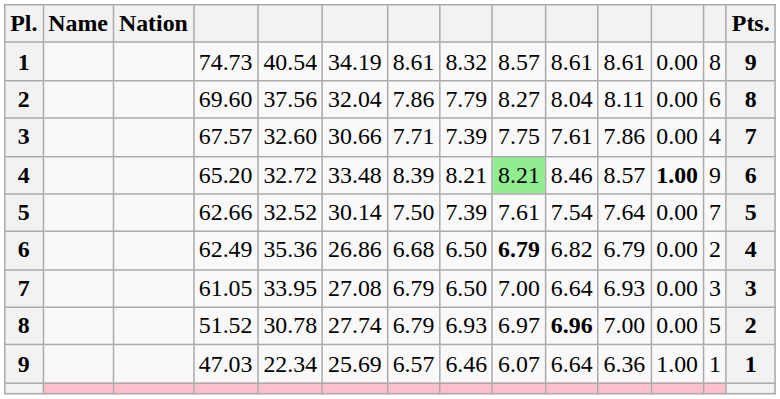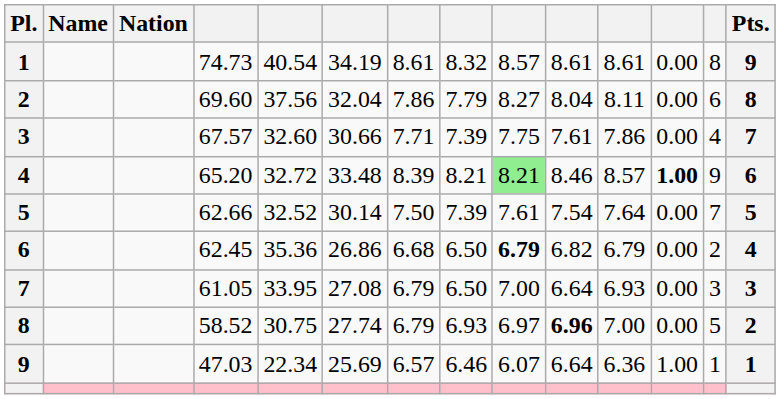 <table class="wikitable sortable" style="text-align:center">
 <tr>
 <th>Pl.</th>
 <th>Name</th>
 <th>Nation</th>
 <th></th>
 <th></th>
 <th></th>
 <th></th>
 <th></th>
 <th></th>
 <th></th>
 <th></th>
 <th></th>
 <th></th>
 <th>Pts.</th>
 </tr>
 <tr>
 <th>1</th>
 <td align="left"></td>
 <td align="left"></td>
 <td>74.73</td>
 <td>40.54</td>
 <td>34.19</td>
 <td>8.61</td>
 <td>8.32</td>
 <td>8.57</td>
 <td>8.61</td>
 <td>8.61</td>
 <td>0.00</td>
 <td>8</td>
 <th>9</th>
 </tr>
 <tr>
 <th>2</th>
 <td align="left"></td>
 <td align="left"></td>
 <td>69.60</td>
 <td>37.56</td>
 <td>32.04</td>
 <td>7.86</td>
 <td>7.79</td>
 <td>8.27</td>
 <td>8.04</td>
 <td>8.11</td>
 <td>0.00</td>
 <td>6</td>
 <th>8</th>
 </tr>
 <tr>
 <th>3</th>
 <td align="left"></td>
 <td align="left"></td>
 <td>67.57</td>
 <td>32.60</td>
 <td>30.66</td>
 <td>7.71</td>
 <td>7.39</td>
 <td>7.75</td>
 <td>7.61</td>
 <td>7.86</td>
 <td>0.00</td>
 <td>4</td>
 <th>7</th>
 </tr>
 <tr>
 <th>4</th>
 <td align="left"></td>
 <td align="left"></td>
 <td>65.20</td>
 <td>32.72</td>
 <td>33.48</td>
 <td>8.39</td>
 <td>8.21</td>
 <td style="background: lightgreen;">8.21</td>
 <td>8.46</td>
 <td>8.57</td>
 <td><strong>1.00</strong></td>
 <td>9</td>
 <th>6</th>
 </tr>
 <tr>
 <th>5</th>
 <td align="left"></td>
 <td align="left"></td>
 <td>62.66</td>
 <td>32.52</td>
 <td>30.14</td>
 <td>7.50</td>
 <td>7.39</td>
 <td>7.61</td>
 <td>7.54</td>
 <td>7.64</td>
 <td>0.00</td>
 <td>7</td>
 <th>5</th>
 </tr>
 <tr>
 <th>6</th>
 <td align="left"></td>
 <td align="left"></td>
-<td>62.49</td>
+<td>62.45</td>
 <td>35.36</td>
 <td>26.86</td>
 <td>6.68</td>
 <td>6.50</td>
 <td><strong>6.79</strong></td>
 <td>6.82</td>
 <td>6.79</td>
 <td>0.00</td>
 <td>2</td>
 <th>4</th>
 </tr>
 <tr>
 <th>7</th>
 <td align="left"></td>
 <td align="left"></td>
 <td>61.05</td>
 <td>33.95</td>
 <td>27.08</td>
 <td>6.79</td>
 <td>6.50</td>
 <td>7.00</td>
 <td>6.64</td>
 <td>6.93</td>
 <td>0.00</td>
 <td>3</td>
 <th>3</th>
 </tr>
 <tr>
 <th>8</th>
 <td align="left"></td>
 <td align="left"></td>
-<td>51.52</td>
-<td>30.78</td>
+<td>58.52</td>
+<td>30.75</td>
 <td>27.74</td>
 <td>6.79</td>
 <td>6.93</td>
 <td>6.97</td>
 <td><strong>6.96</strong></td>
 <td>7.00</td>
 <td>0.00</td>
 <td>5</td>
 <th>2</th>
 </tr>
 <tr>
 <th>9</th>
 <td align="left"></td>
 <td align="left"></td>
 <td>47.03</td>
 <td>22.34</td>
 <td>25.69</td>
 <td>6.57</td>
 <td>6.46</td>
 <td>6.07</td>
 <td>6.64</td>
 <td>6.36</td>
 <td>1.00</td>
 <td>1</td>
 <th>1</th>
 </tr>
 <tr bgcolor=pink>
 <th></th>
 <td align="left"></td>
 <td align="left"></td>
 <td></td>
 <td></td>
 <td></td>
 <td></td>
 <td></td>
 <td></td>
 <td></td>
 <td></td>
 <td></td>
 <td></td>
 <th></th>
 </tr>
 </table>
